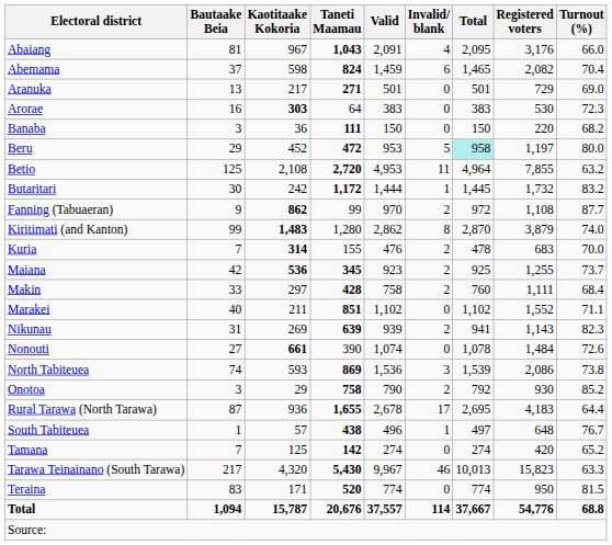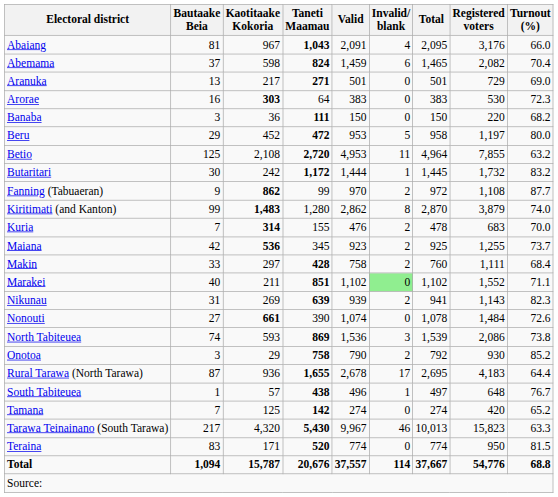 <table class="wikitable sortable" style="text-align:right">
 <tr>
 <th>Electoral district</th>
 <th>Bautaake<br>Beia</th>
 <th>Kaotitaake<br>Kokoria</th>
 <th>Taneti<br>Maamau</th>
 <th>Valid</th>
 <th>Invalid/<br>blank</th>
 <th>Total</th>
 <th>Registered<br>voters</th>
 <th>Turnout<br>(%)</th>
 </tr>
 <tr>
 <td align=left><a href='#'>Abaiang</a></td>
 <td>81</td>
 <td>967</td>
 <td><strong>1,043</strong></td>
 <td>2,091</td>
 <td>4</td>
 <td>2,095</td>
 <td>3,176</td>
 <td>66.0</td>
 </tr>
 <tr>
 <td align=left><a href='#'>Abemama</a></td>
 <td>37</td>
 <td>598</td>
 <td><strong>824</strong></td>
 <td>1,459</td>
 <td>6</td>
 <td>1,465</td>
 <td>2,082</td>
 <td>70.4</td>
 </tr>
 <tr>
 <td align=left><a href='#'>Aranuka</a></td>
 <td>13</td>
 <td>217</td>
 <td><strong>271</strong></td>
 <td>501</td>
 <td>0</td>
 <td>501</td>
 <td>729</td>
 <td>69.0</td>
 </tr>
 <tr>
 <td align=left><a href='#'>Arorae</a></td>
 <td>16</td>
 <td><strong>303</strong></td>
 <td>64</td>
 <td>383</td>
 <td>0</td>
 <td>383</td>
 <td>530</td>
 <td>72.3</td>
 </tr>
 <tr>
 <td align=left><a href='#'>Banaba</a></td>
 <td>3</td>
 <td>36</td>
 <td><strong>111</strong></td>
 <td>150</td>
 <td>0</td>
 <td>150</td>
 <td>220</td>
 <td>68.2</td>
 </tr>
 <tr>
 <td align=left><a href='#'>Beru</a></td>
 <td>29</td>
 <td>452</td>
 <td><strong>472</strong></td>
 <td>953</td>
 <td>5</td>
-<td style="background: paleturquoise;">958</td>
+<td>958</td>
 <td>1,197</td>
 <td>80.0</td>
 </tr>
 <tr>
 <td align=left><a href='#'>Betio</a></td>
 <td>125</td>
 <td>2,108</td>
 <td><strong>2,720</strong></td>
 <td>4,953</td>
 <td>11</td>
 <td>4,964</td>
 <td>7,855</td>
 <td>63.2</td>
 </tr>
 <tr>
 <td align=left><a href='#'>Butaritari</a></td>
 <td>30</td>
 <td>242</td>
 <td><strong>1,172</strong></td>
 <td>1,444</td>
 <td>1</td>
 <td>1,445</td>
 <td>1,732</td>
 <td>83.2</td>
 </tr>
 <tr>
 <td align=left><a href='#'>Fanning</a> (Tabuaeran)</td>
 <td>9</td>
 <td><strong>862</strong></td>
 <td>99</td>
 <td>970</td>
 <td>2</td>
 <td>972</td>
 <td>1,108</td>
 <td>87.7</td>
 </tr>
 <tr>
 <td align=left><a href='#'>Kiritimati</a> (and Kanton)</td>
 <td>99</td>
 <td><strong>1,483</strong></td>
 <td>1,280</td>
 <td>2,862</td>
 <td>8</td>
 <td>2,870</td>
 <td>3,879</td>
 <td>74.0</td>
 </tr>
 <tr>
 <td align=left><a href='#'>Kuria</a></td>
 <td>7</td>
 <td><strong>314</strong></td>
 <td>155</td>
 <td>476</td>
 <td>2</td>
 <td>478</td>
 <td>683</td>
 <td>70.0</td>
 </tr>
 <tr>
 <td align=left><a href='#'>Maiana</a></td>
 <td>42</td>
 <td><strong>536</strong></td>
-<td><strong>345</strong></td>
+<td>345</td>
 <td>923</td>
 <td>2</td>
 <td>925</td>
 <td>1,255</td>
 <td>73.7</td>
 </tr>
 <tr>
 <td align=left><a href='#'>Makin</a></td>
 <td>33</td>
 <td>297</td>
 <td><strong>428</strong></td>
 <td>758</td>
 <td>2</td>
 <td>760</td>
 <td>1,111</td>
 <td>68.4</td>
 </tr>
 <tr>
 <td align=left><a href='#'>Marakei</a></td>
 <td>40</td>
 <td>211</td>
 <td><strong>851</strong></td>
 <td>1,102</td>
-<td>0</td>
+<td style="background: lightgreen;">0</td>
 <td>1,102</td>
 <td>1,552</td>
 <td>71.1</td>
 </tr>
 <tr>
 <td align=left><a href='#'>Nikunau</a></td>
 <td>31</td>
 <td>269</td>
 <td><strong>639</strong></td>
 <td>939</td>
 <td>2</td>
 <td>941</td>
 <td>1,143</td>
 <td>82.3</td>
 </tr>
 <tr>
 <td align=left><a href='#'>Nonouti</a></td>
 <td>27</td>
 <td><strong>661</strong></td>
 <td>390</td>
 <td>1,074</td>
 <td>0</td>
 <td>1,078</td>
 <td>1,484</td>
 <td>72.6</td>
 </tr>
 <tr>
 <td align=left><a href='#'>North Tabiteuea</a></td>
 <td>74</td>
 <td>593</td>
 <td><strong>869</strong></td>
 <td>1,536</td>
 <td>3</td>
 <td>1,539</td>
 <td>2,086</td>
 <td>73.8</td>
 </tr>
 <tr>
 <td align=left><a href='#'>Onotoa</a></td>
 <td>3</td>
 <td>29</td>
 <td><strong>758</strong></td>
 <td>790</td>
 <td>2</td>
 <td>792</td>
 <td>930</td>
 <td>85.2</td>
 </tr>
 <tr>
 <td align=left><a href='#'>Rural Tarawa</a> (North Tarawa)</td>
 <td>87</td>
 <td>936</td>
 <td><strong>1,655</strong></td>
 <td>2,678</td>
 <td>17</td>
 <td>2,695</td>
 <td>4,183</td>
 <td>64.4</td>
 </tr>
 <tr>
 <td align=left><a href='#'>South Tabiteuea</a></td>
 <td>1</td>
 <td>57</td>
 <td><strong>438</strong></td>
 <td>496</td>
 <td>1</td>
 <td>497</td>
 <td>648</td>
 <td>76.7</td>
 </tr>
 <tr>
 <td align=left><a href='#'>Tamana</a></td>
 <td>7</td>
 <td>125</td>
 <td><strong>142</strong></td>
 <td>274</td>
 <td>0</td>
 <td>274</td>
 <td>420</td>
 <td>65.2</td>
 </tr>
 <tr>
 <td align=left><a href='#'>Tarawa Teinainano</a> (South Tarawa)</td>
 <td>217</td>
 <td>4,320</td>
 <td><strong>5,430</strong></td>
 <td>9,967</td>
 <td>46</td>
 <td>10,013</td>
 <td>15,823</td>
 <td>63.3</td>
 </tr>
 <tr>
 <td align=left><a href='#'>Teraina</a></td>
 <td>83</td>
 <td>171</td>
 <td><strong>520</strong></td>
 <td>774</td>
 <td>0</td>
 <td>774</td>
 <td>950</td>
 <td>81.5</td>
 </tr>
 <tr class="sortbottom" style=font-weight:bold>
 <td align=left>Total</td>
 <td>1,094</td>
 <td>15,787</td>
 <td>20,676</td>
 <td>37,557</td>
 <td>114</td>
 <td>37,667</td>
 <td>54,776</td>
 <td>68.8</td>
 </tr>
 <tr class=sortbottom>
 <td align=left colspan=9>Source: </td>
 </tr>
 </table>
